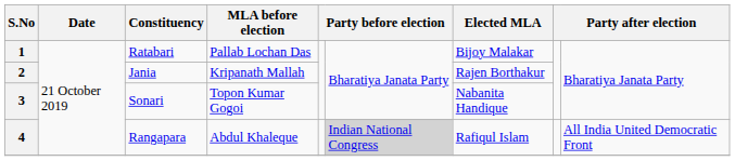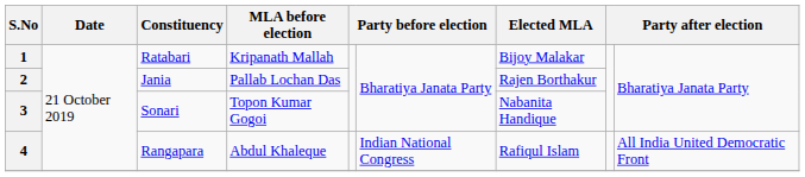 <table class="wikitable sortable">
 <tr>
 <th>S.No</th>
 <th>Date</th>
 <th>Constituency</th>
 <th>MLA before election</th>
 <th colspan="2">Party before election</th>
 <th>Elected MLA</th>
 <th colspan="2">Party after election</th>
 </tr>
 <tr>
 <th>1</th>
 <td rowspan="4">21 October 2019</td>
 <td><a href='#'>Ratabari</a></td>
-<td><a href='#'>Pallab Lochan Das</a></td>
+<td><a href='#'>Kripanath Mallah</a></td>
 <td rowspan="3" width="1px"></td>
 <td rowspan="3"><a href='#'>Bharatiya Janata Party</a></td>
 <td><a href='#'>Bijoy Malakar</a></td>
 <td rowspan="3" width="1px"></td>
 <td rowspan="3"><a href='#'>Bharatiya Janata Party</a></td>
 </tr>
 <tr>
 <th>2</th>
 <td><a href='#'>Jania</a></td>
-<td><a href='#'>Kripanath Mallah</a></td>
+<td><a href='#'>Pallab Lochan Das</a></td>
 <td><a href='#'>Rajen Borthakur</a></td>
 </tr>
 <tr>
 <th>3</th>
 <td><a href='#'>Sonari</a></td>
 <td><a href='#'>Topon Kumar Gogoi</a></td>
 <td><a href='#'>Nabanita Handique</a></td>
 </tr>
 <tr>
 <th>4</th>
 <td><a href='#'>Rangapara</a></td>
 <td><a href='#'>Abdul Khaleque</a></td>
 <td></td>
-<td style="background: lightgrey;"><a href='#'>Indian National Congress</a></td>
+<td><a href='#'>Indian National Congress</a></td>
 <td><a href='#'>Rafiqul Islam</a></td>
 <td></td>
 <td><a href='#'>All India United Democratic Front</a></td>
 </tr>
 <tr>
 </tr>
 </table>
